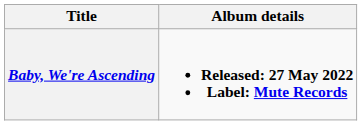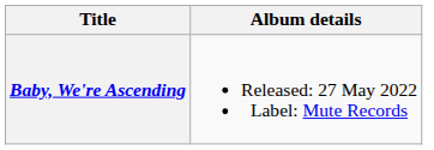 <table class="wikitable plainrowheaders" style="text-align:center;">
 <tr>
 <th scope="col">Title</th>
 <th scope="col">Album details</th>
 </tr>
 <tr>
 <th scope="row"><em><a href='#'>Baby, We're Ascending</a></em></th>
-<td><strong><br><ul><li>Released: 27  May 2022</li><li>Label: <a href='#'>Mute Records</a></li></ul></strong></td>
+<td><br><ul><li>Released: 27  May 2022</li><li>Label: <a href='#'>Mute Records</a></li></ul></td>
 </tr>
 </table>
